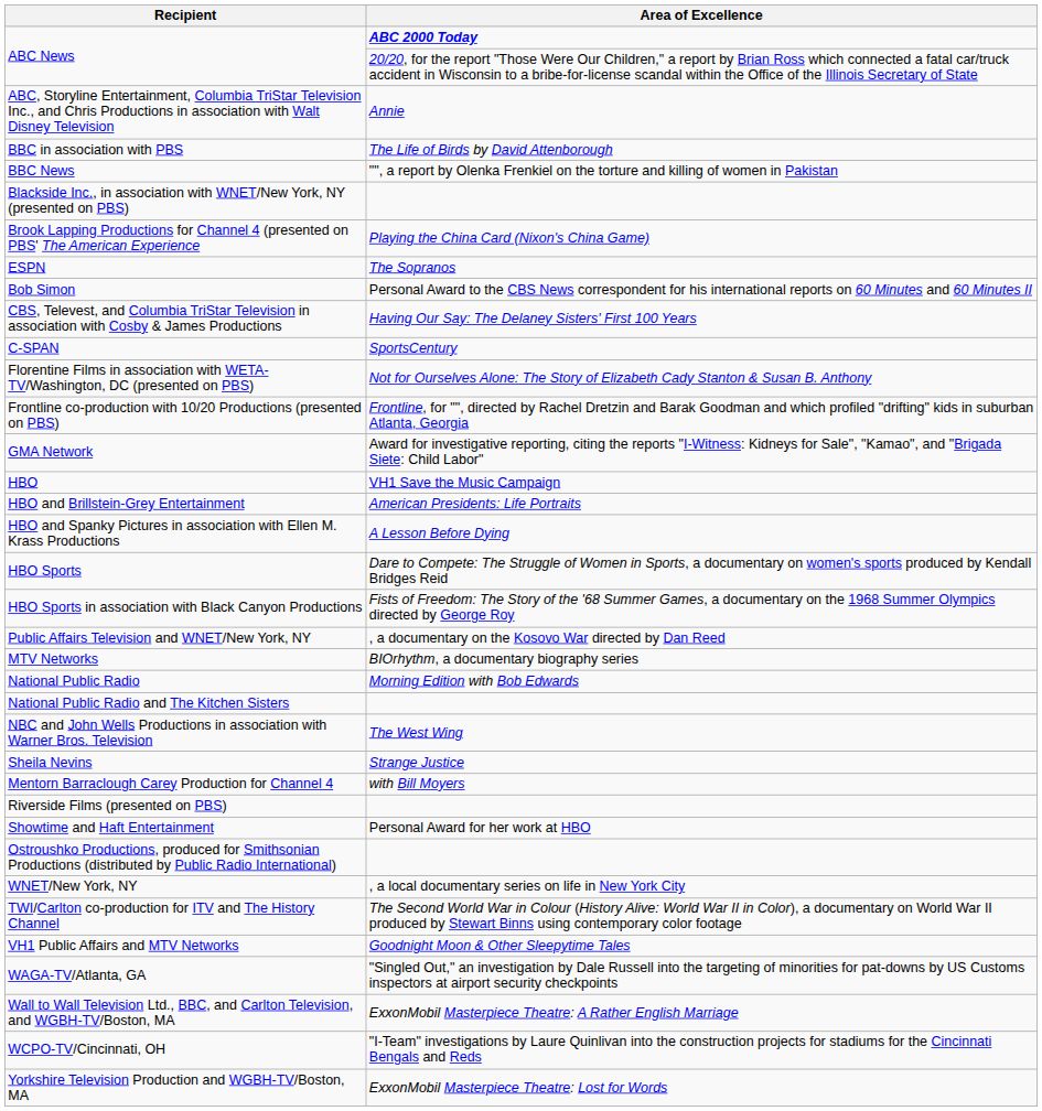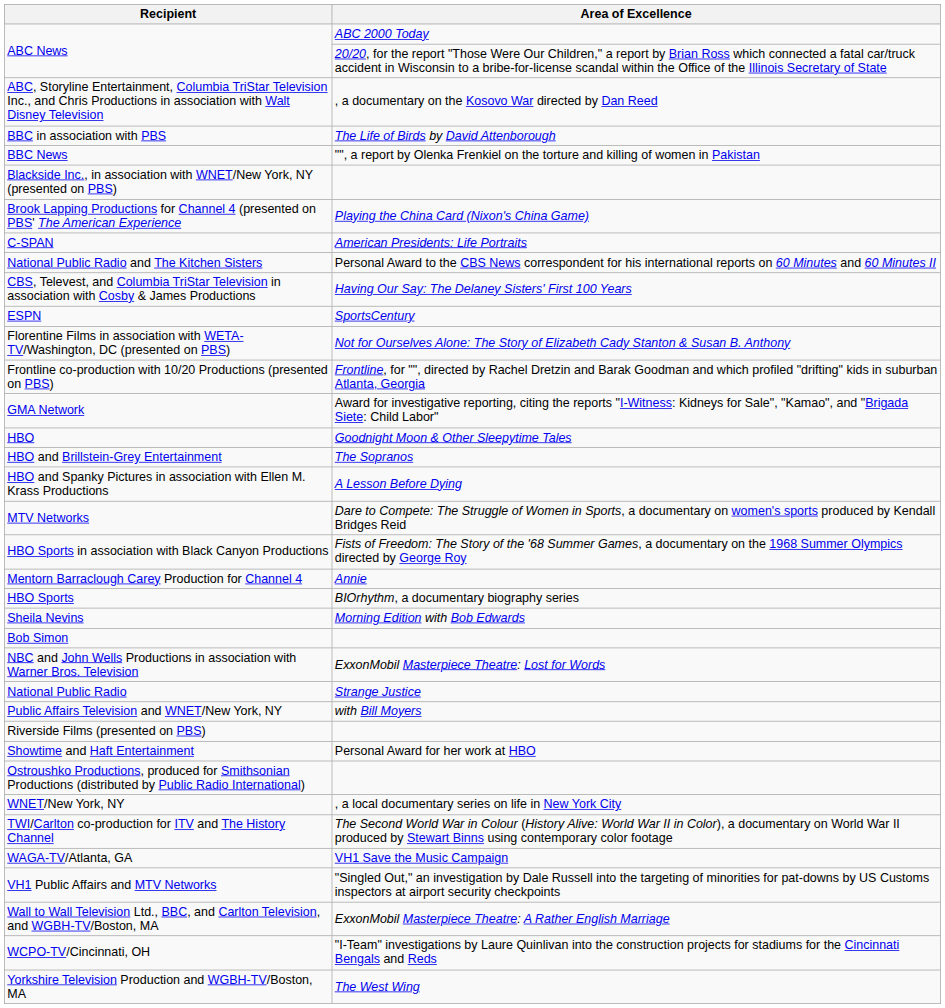 <table class="wikitable" style="width:95%">
 <tr bgcolor="#CCCCCC">
 <th width=35%>Recipient</th>
 <th width=65%>Area of Excellence</th>
 </tr>
 <tr>
 <td rowspan="2"><a href='#'>ABC News</a></td>
-<td><strong><em><a href='#'>ABC 2000 Today</a></em></strong></td>
+<td><em><a href='#'>ABC 2000 Today</a></em></td>
 </tr>
 <tr>
 <td><em><a href='#'>20/20</a></em>, for the report "Those Were Our Children," a report by <a href='#'>Brian Ross</a> which connected a fatal car/truck accident in Wisconsin to a bribe-for-license scandal within the Office of the <a href='#'>Illinois Secretary of State</a></td>
 </tr>
 <tr>
 <td><a href='#'>ABC</a>, Storyline Entertainment, <a href='#'>Columbia TriStar Television</a> Inc., and Chris  Productions in association with <a href='#'>Walt Disney Television</a></td>
-<td><em><a href='#'>Annie</a></em></td>
+<td><em></em>, a documentary on the <a href='#'>Kosovo War</a> directed by <a href='#'>Dan Reed</a></td>
 </tr>
 <tr>
 <td><a href='#'>BBC</a> in association with <a href='#'>PBS</a></td>
 <td><em><a href='#'>The Life of Birds</a> by <a href='#'>David Attenborough</a></em></td>
 </tr>
 <tr>
 <td><a href='#'>BBC News</a></td>
 <td>"", a report by Olenka Frenkiel on the torture and killing of women in <a href='#'>Pakistan</a></td>
 </tr>
 <tr>
 <td><a href='#'>Blackside Inc.</a>, in association with <a href='#'>WNET</a>/New York, NY (presented on <a href='#'>PBS</a>)</td>
 <td><em></em></td>
 </tr>
 <tr>
 <td><a href='#'>Brook Lapping Productions</a> for <a href='#'>Channel 4</a> (presented on <a href='#'>PBS</a>' <em><a href='#'>The American Experience</a></em></td>
 <td><em><a href='#'>Playing the China Card (Nixon's China Game)</a></em></td>
 </tr>
 <tr>
-<td><a href='#'>ESPN</a></td>
-<td><em><a href='#'>The Sopranos</a></em></td>
+<td><a href='#'>C-SPAN</a></td>
+<td><em><a href='#'>American Presidents: Life Portraits</a></em></td>
 </tr>
 <tr>
-<td><a href='#'>Bob Simon</a></td>
+<td><a href='#'>National Public Radio</a> and <a href='#'>The Kitchen Sisters</a></td>
 <td>Personal Award to the <a href='#'>CBS News</a> correspondent for his international reports on <em><a href='#'>60 Minutes</a></em> and <em><a href='#'>60 Minutes II</a></em></td>
 </tr>
 <tr>
 <td><a href='#'>CBS</a>, Televest, and <a href='#'>Columbia TriStar Television</a> in association with <a href='#'>Cosby</a> & James Productions</td>
 <td><em><a href='#'>Having Our Say: The Delaney Sisters' First 100 Years</a></em></td>
 </tr>
 <tr>
-<td><a href='#'>C-SPAN</a></td>
+<td><a href='#'>ESPN</a></td>
 <td><em><a href='#'>SportsCentury</a></em></td>
 </tr>
 <tr>
 <td>Florentine Films in association with <a href='#'>WETA-TV</a>/Washington, DC (presented on <a href='#'>PBS</a>)</td>
 <td><em><a href='#'>Not for Ourselves Alone: The Story of Elizabeth Cady Stanton & Susan B. Anthony</a></em></td>
 </tr>
 <tr>
 <td>Frontline co-production with 10/20 Productions (presented on <a href='#'>PBS</a>)</td>
 <td><em><a href='#'>Frontline</a></em>, for "", directed by Rachel Dretzin and Barak Goodman and which profiled "drifting" kids in suburban <a href='#'>Atlanta, Georgia</a></td>
 </tr>
 <tr>
 <td><a href='#'>GMA Network</a></td>
 <td>Award for investigative reporting, citing the reports "<a href='#'>I-Witness</a>: Kidneys for Sale", "Kamao", and "<a href='#'>Brigada Siete</a>: Child Labor"</td>
 </tr>
 <tr>
 <td><a href='#'>HBO</a></td>
-<td><a href='#'>VH1 Save the Music Campaign</a></td>
+<td><em><a href='#'>Goodnight Moon & Other Sleepytime Tales</a></em></td>
 </tr>
 <tr>
 <td><a href='#'>HBO</a> and <a href='#'>Brillstein-Grey Entertainment</a></td>
-<td><em><a href='#'>American Presidents: Life Portraits</a></em></td>
+<td><em><a href='#'>The Sopranos</a></em></td>
 </tr>
 <tr>
 <td><a href='#'>HBO</a> and Spanky Pictures in association with Ellen M. Krass Productions</td>
 <td><em><a href='#'>A Lesson Before Dying</a></em></td>
 </tr>
 <tr>
-<td><a href='#'>HBO Sports</a></td>
+<td><a href='#'>MTV Networks</a></td>
 <td><em>Dare to Compete: The Struggle of Women in Sports</em>, a documentary on <a href='#'>women's sports</a> produced by Kendall Bridges Reid</td>
 </tr>
 <tr>
 <td><a href='#'>HBO Sports</a> in association with Black Canyon Productions</td>
 <td><em>Fists of Freedom: The Story of the '68 Summer Games</em>, a documentary on the <a href='#'>1968 Summer Olympics</a> directed by <a href='#'>George Roy</a></td>
 </tr>
 <tr>
-<td><a href='#'>Public Affairs Television</a> and <a href='#'>WNET</a>/New York, NY</td>
-<td><em></em>, a documentary on the <a href='#'>Kosovo War</a> directed by <a href='#'>Dan Reed</a></td>
+<td><a href='#'>Mentorn Barraclough Carey</a> Production for <a href='#'>Channel 4</a></td>
+<td><em><a href='#'>Annie</a></em></td>
 </tr>
 <tr>
-<td><a href='#'>MTV Networks</a></td>
+<td><a href='#'>HBO Sports</a></td>
 <td><em>BIOrhythm</em>, a documentary biography series</td>
 </tr>
 <tr>
-<td><a href='#'>National Public Radio</a></td>
+<td><a href='#'>Sheila Nevins</a></td>
 <td><em><a href='#'>Morning Edition</a> with <a href='#'>Bob Edwards</a></em></td>
 </tr>
 <tr>
-<td><a href='#'>National Public Radio</a> and <a href='#'>The Kitchen Sisters</a></td>
+<td><a href='#'>Bob Simon</a></td>
 <td><em></em></td>
 </tr>
 <tr>
 <td><a href='#'>NBC</a> and <a href='#'>John Wells</a> Productions in association with <a href='#'>Warner Bros. Television</a></td>
-<td><em><a href='#'>The West Wing</a></em></td>
+<td><em>ExxonMobil <a href='#'>Masterpiece Theatre</a>: <a href='#'>Lost for Words</a></em></td>
 </tr>
 <tr>
-<td><a href='#'>Sheila Nevins</a></td>
+<td><a href='#'>National Public Radio</a></td>
 <td><em><a href='#'>Strange Justice</a></em></td>
 </tr>
 <tr>
-<td><a href='#'>Mentorn Barraclough Carey</a> Production for <a href='#'>Channel 4</a></td>
+<td><a href='#'>Public Affairs Television</a> and <a href='#'>WNET</a>/New York, NY</td>
 <td><em> with <a href='#'>Bill Moyers</a></em></td>
 </tr>
 <tr>
 <td>Riverside Films (presented on <a href='#'>PBS</a>)</td>
 <td><em></em></td>
 </tr>
 <tr>
 <td><a href='#'>Showtime</a> and <a href='#'>Haft Entertainment</a></td>
 <td>Personal Award for her work at <a href='#'>HBO</a></td>
 </tr>
 <tr>
 <td><a href='#'>Ostroushko Productions</a>, produced for <a href='#'>Smithsonian</a> Productions (distributed by <a href='#'>Public Radio International</a>)</td>
 <td><em></em></td>
 </tr>
 <tr>
 <td><a href='#'>WNET</a>/New York, NY</td>
 <td><em></em>, a local documentary series on life in <a href='#'>New York City</a></td>
 </tr>
 <tr>
 <td><a href='#'>TWI</a>/<a href='#'>Carlton</a> co-production for <a href='#'>ITV</a> and <a href='#'>The History Channel</a></td>
 <td><em>The Second World War in Colour</em> (<em>History Alive: World War II in Color</em>), a documentary on World War II produced by <a href='#'>Stewart Binns</a> using contemporary color footage</td>
 </tr>
 <tr>
-<td><a href='#'>VH1</a> Public Affairs and <a href='#'>MTV Networks</a></td>
-<td><em><a href='#'>Goodnight Moon & Other Sleepytime Tales</a></em></td>
+<td><a href='#'>WAGA-TV</a>/Atlanta, GA</td>
+<td><a href='#'>VH1 Save the Music Campaign</a></td>
 </tr>
 <tr>
-<td><a href='#'>WAGA-TV</a>/Atlanta, GA</td>
+<td><a href='#'>VH1</a> Public Affairs and <a href='#'>MTV Networks</a></td>
 <td>"Singled Out," an investigation by Dale Russell into the targeting of minorities for pat-downs by US Customs inspectors at airport security checkpoints</td>
 </tr>
 <tr>
 <td><a href='#'>Wall to Wall Television</a> Ltd., <a href='#'>BBC</a>, and <a href='#'>Carlton Television</a>, and <a href='#'>WGBH-TV</a>/Boston, MA</td>
 <td><em>ExxonMobil <a href='#'>Masterpiece Theatre</a>: <a href='#'>A Rather English Marriage</a></em></td>
 </tr>
 <tr>
 <td><a href='#'>WCPO-TV</a>/Cincinnati, OH</td>
 <td>"I-Team" investigations by Laure Quinlivan into the construction projects for stadiums for the <a href='#'>Cincinnati Bengals</a> and <a href='#'>Reds</a></td>
 </tr>
 <tr>
 <td><a href='#'>Yorkshire Television</a> Production and <a href='#'>WGBH-TV</a>/Boston, MA</td>
-<td><em>ExxonMobil <a href='#'>Masterpiece Theatre</a>: <a href='#'>Lost for Words</a></em></td>
+<td><em><a href='#'>The West Wing</a></em></td>
 </tr>
 </table>
